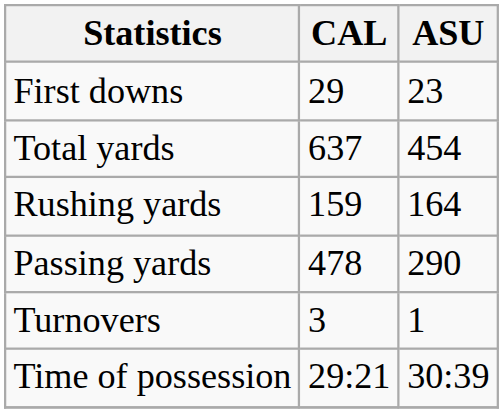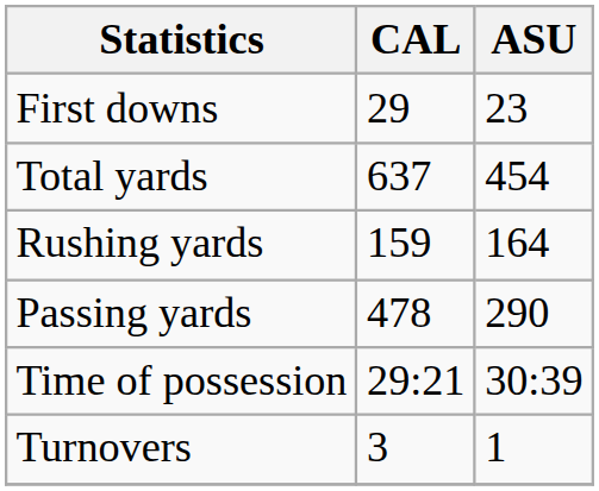 <table class="wikitable">
 <tr>
 <th>Statistics</th>
 <th>CAL</th>
 <th>ASU</th>
 </tr>
 <tr>
 <td>First downs</td>
 <td>29</td>
 <td>23</td>
 </tr>
 <tr>
 <td>Total yards</td>
 <td>637</td>
 <td>454</td>
 </tr>
 <tr>
 <td>Rushing yards</td>
 <td>159</td>
 <td>164</td>
 </tr>
 <tr>
 <td>Passing yards</td>
 <td>478</td>
 <td>290</td>
 </tr>
 <tr>
+<td>Time of possession</td>
+<td>29:21</td>
+<td>30:39</td>
+</tr>
+<tr>
 <td>Turnovers</td>
 <td>3</td>
 <td>1</td>
 </tr>
 <tr>
-<td>Time of possession</td>
-<td>29:21</td>
-<td>30:39</td>
-</tr>
-<tr>
 </tr>
 </table>
